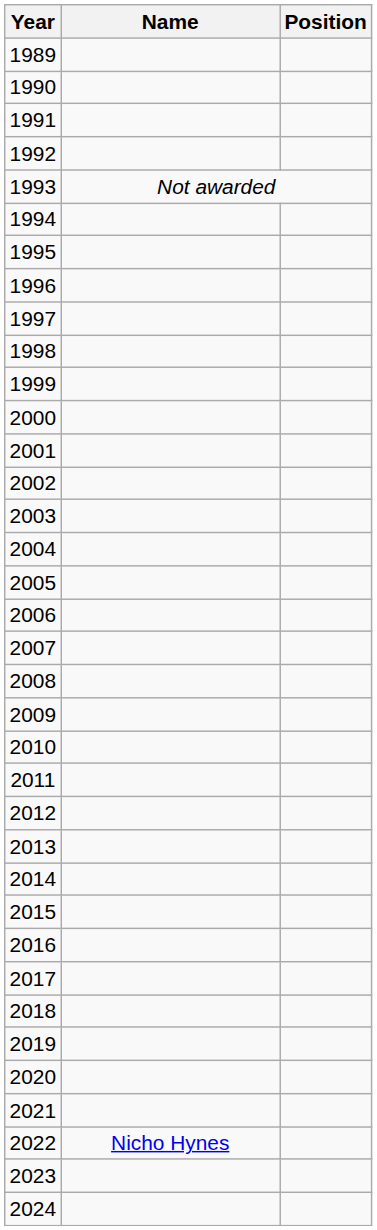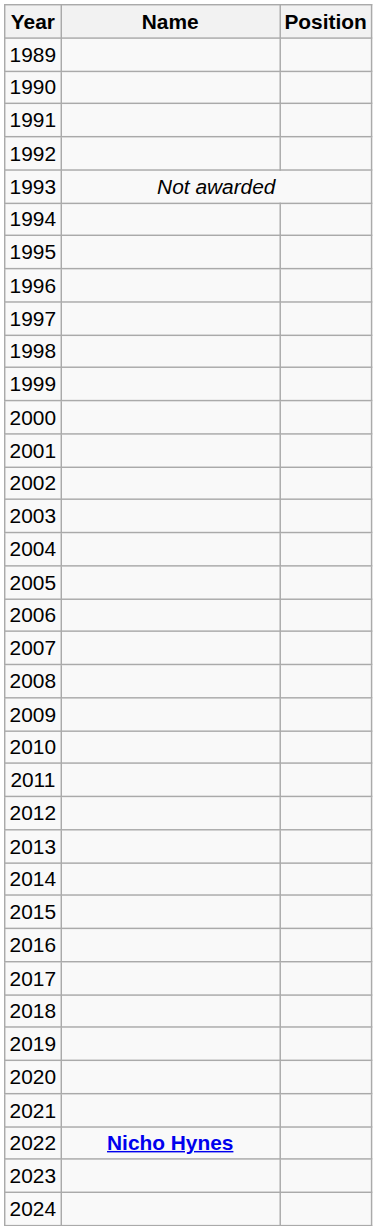 <table class="wikitable sortable" style="text-align: center; font-size:90%">
 <tr>
 <th>Year</th>
 <th style="width:10em">Name</th>
 <th>Position</th>
 </tr>
 <tr>
 <td>1989</td>
 <td></td>
 <td></td>
 </tr>
 <tr>
 <td>1990</td>
 <td></td>
 <td></td>
 </tr>
 <tr>
 <td>1991</td>
 <td></td>
 <td></td>
 </tr>
 <tr>
 <td>1992</td>
 <td></td>
 <td></td>
 </tr>
 <tr>
 <td>1993</td>
 <td colspan="2"><em>Not awarded</em></td>
 </tr>
 <tr>
 <td>1994</td>
 <td></td>
 <td></td>
 </tr>
 <tr>
 <td>1995</td>
 <td></td>
 <td></td>
 </tr>
 <tr>
 <td>1996</td>
 <td></td>
 <td></td>
 </tr>
 <tr>
 <td>1997</td>
 <td></td>
 <td></td>
 </tr>
 <tr>
 <td>1998</td>
 <td></td>
 <td></td>
 </tr>
 <tr>
 <td>1999</td>
 <td></td>
 <td></td>
 </tr>
 <tr>
 <td>2000</td>
 <td></td>
 <td></td>
 </tr>
 <tr>
 <td>2001</td>
 <td></td>
 <td></td>
 </tr>
 <tr>
 <td>2002</td>
 <td></td>
 <td></td>
 </tr>
 <tr>
 <td>2003</td>
 <td></td>
 <td></td>
 </tr>
 <tr>
 <td>2004</td>
 <td></td>
 <td></td>
 </tr>
 <tr>
 <td>2005</td>
 <td></td>
 <td></td>
 </tr>
 <tr>
 <td>2006</td>
 <td></td>
 <td></td>
 </tr>
 <tr>
 <td>2007</td>
 <td></td>
 <td></td>
 </tr>
 <tr>
 <td>2008</td>
 <td></td>
 <td></td>
 </tr>
 <tr>
 <td>2009</td>
 <td></td>
 <td></td>
 </tr>
 <tr>
 <td>2010</td>
 <td></td>
 <td></td>
 </tr>
 <tr>
 <td>2011</td>
 <td></td>
 <td></td>
 </tr>
 <tr>
 <td>2012</td>
 <td></td>
 <td></td>
 </tr>
 <tr>
 <td>2013</td>
 <td></td>
 <td></td>
 </tr>
 <tr>
 <td>2014</td>
 <td></td>
 <td></td>
 </tr>
 <tr>
 <td>2015</td>
 <td></td>
 <td></td>
 </tr>
 <tr>
 <td>2016</td>
 <td><br></td>
 <td><br></td>
 </tr>
 <tr>
 <td>2017</td>
 <td></td>
 <td></td>
 </tr>
 <tr>
 <td>2018</td>
 <td></td>
 <td></td>
 </tr>
 <tr>
 <td>2019</td>
 <td></td>
 <td></td>
 </tr>
 <tr>
 <td>2020</td>
 <td></td>
 <td></td>
 </tr>
 <tr>
 <td>2021</td>
 <td></td>
 <td></td>
 </tr>
 <tr>
 <td>2022</td>
-<td><a href='#'>Nicho Hynes</a></td>
+<td><strong><a href='#'>Nicho Hynes</a></strong></td>
 <td></td>
 </tr>
 <tr>
 <td>2023</td>
 <td></td>
 <td></td>
 </tr>
 <tr>
 <td>2024</td>
 <td></td>
 <td></td>
 </tr>
 </table>
